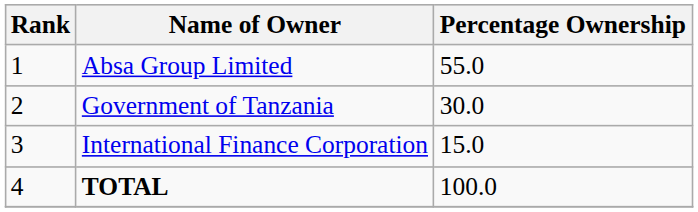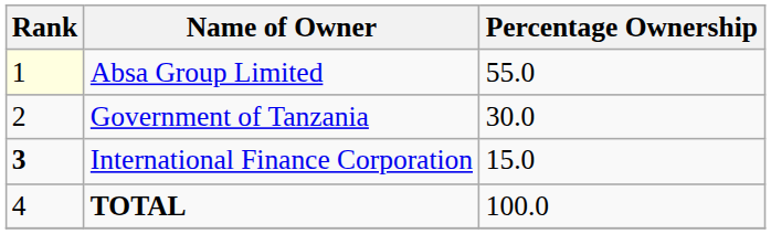 <table class="wikitable sortable" style="margin-left:auto;margin-right:auto">
 <tr>
 <th style="width:2em;">Rank</th>
 <th>Name of Owner</th>
 <th>Percentage Ownership</th>
 </tr>
 <tr>
-<td>1</td>
+<td style="background: lightyellow;">1</td>
 <td><a href='#'>Absa Group Limited</a></td>
 <td>55.0</td>
 </tr>
 <tr>
 <td>2</td>
 <td><a href='#'>Government of Tanzania</a></td>
 <td>30.0</td>
 </tr>
 <tr>
-<td>3</td>
+<td><strong>3</strong></td>
 <td><a href='#'>International Finance Corporation</a></td>
 <td>15.0</td>
 </tr>
 <tr>
 <td>4</td>
 <td><strong>TOTAL</strong></td>
 <td>100.0</td>
 </tr>
 <tr>
 </tr>
 </table>
